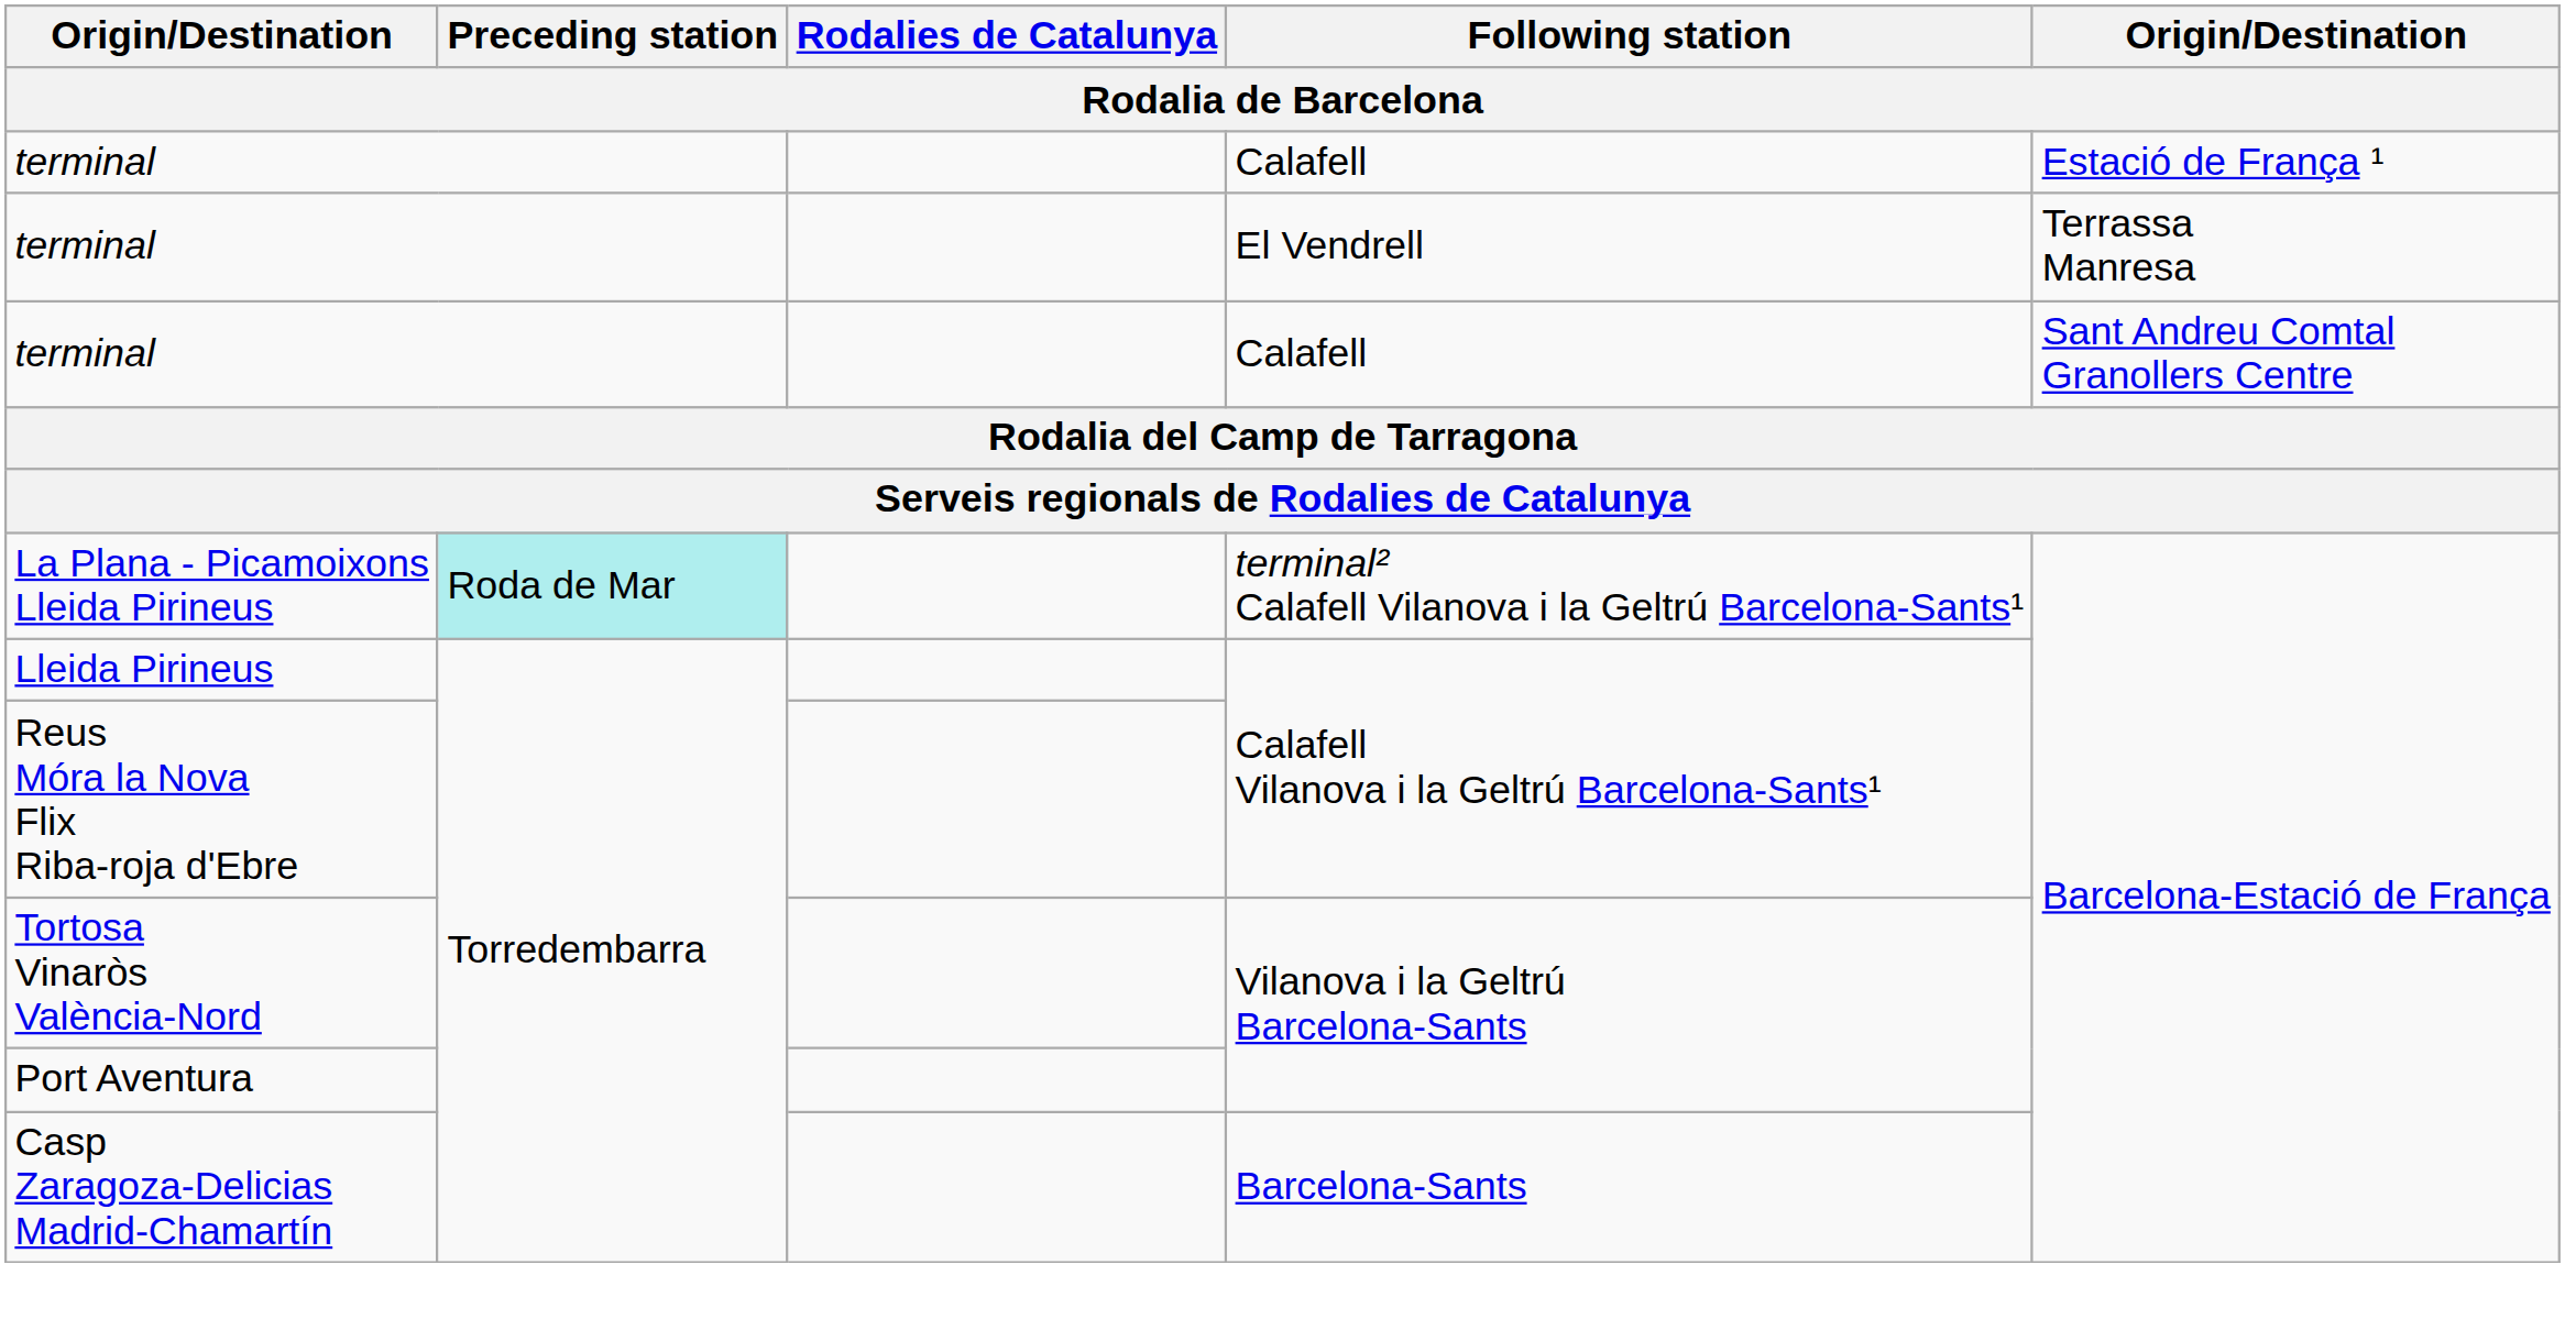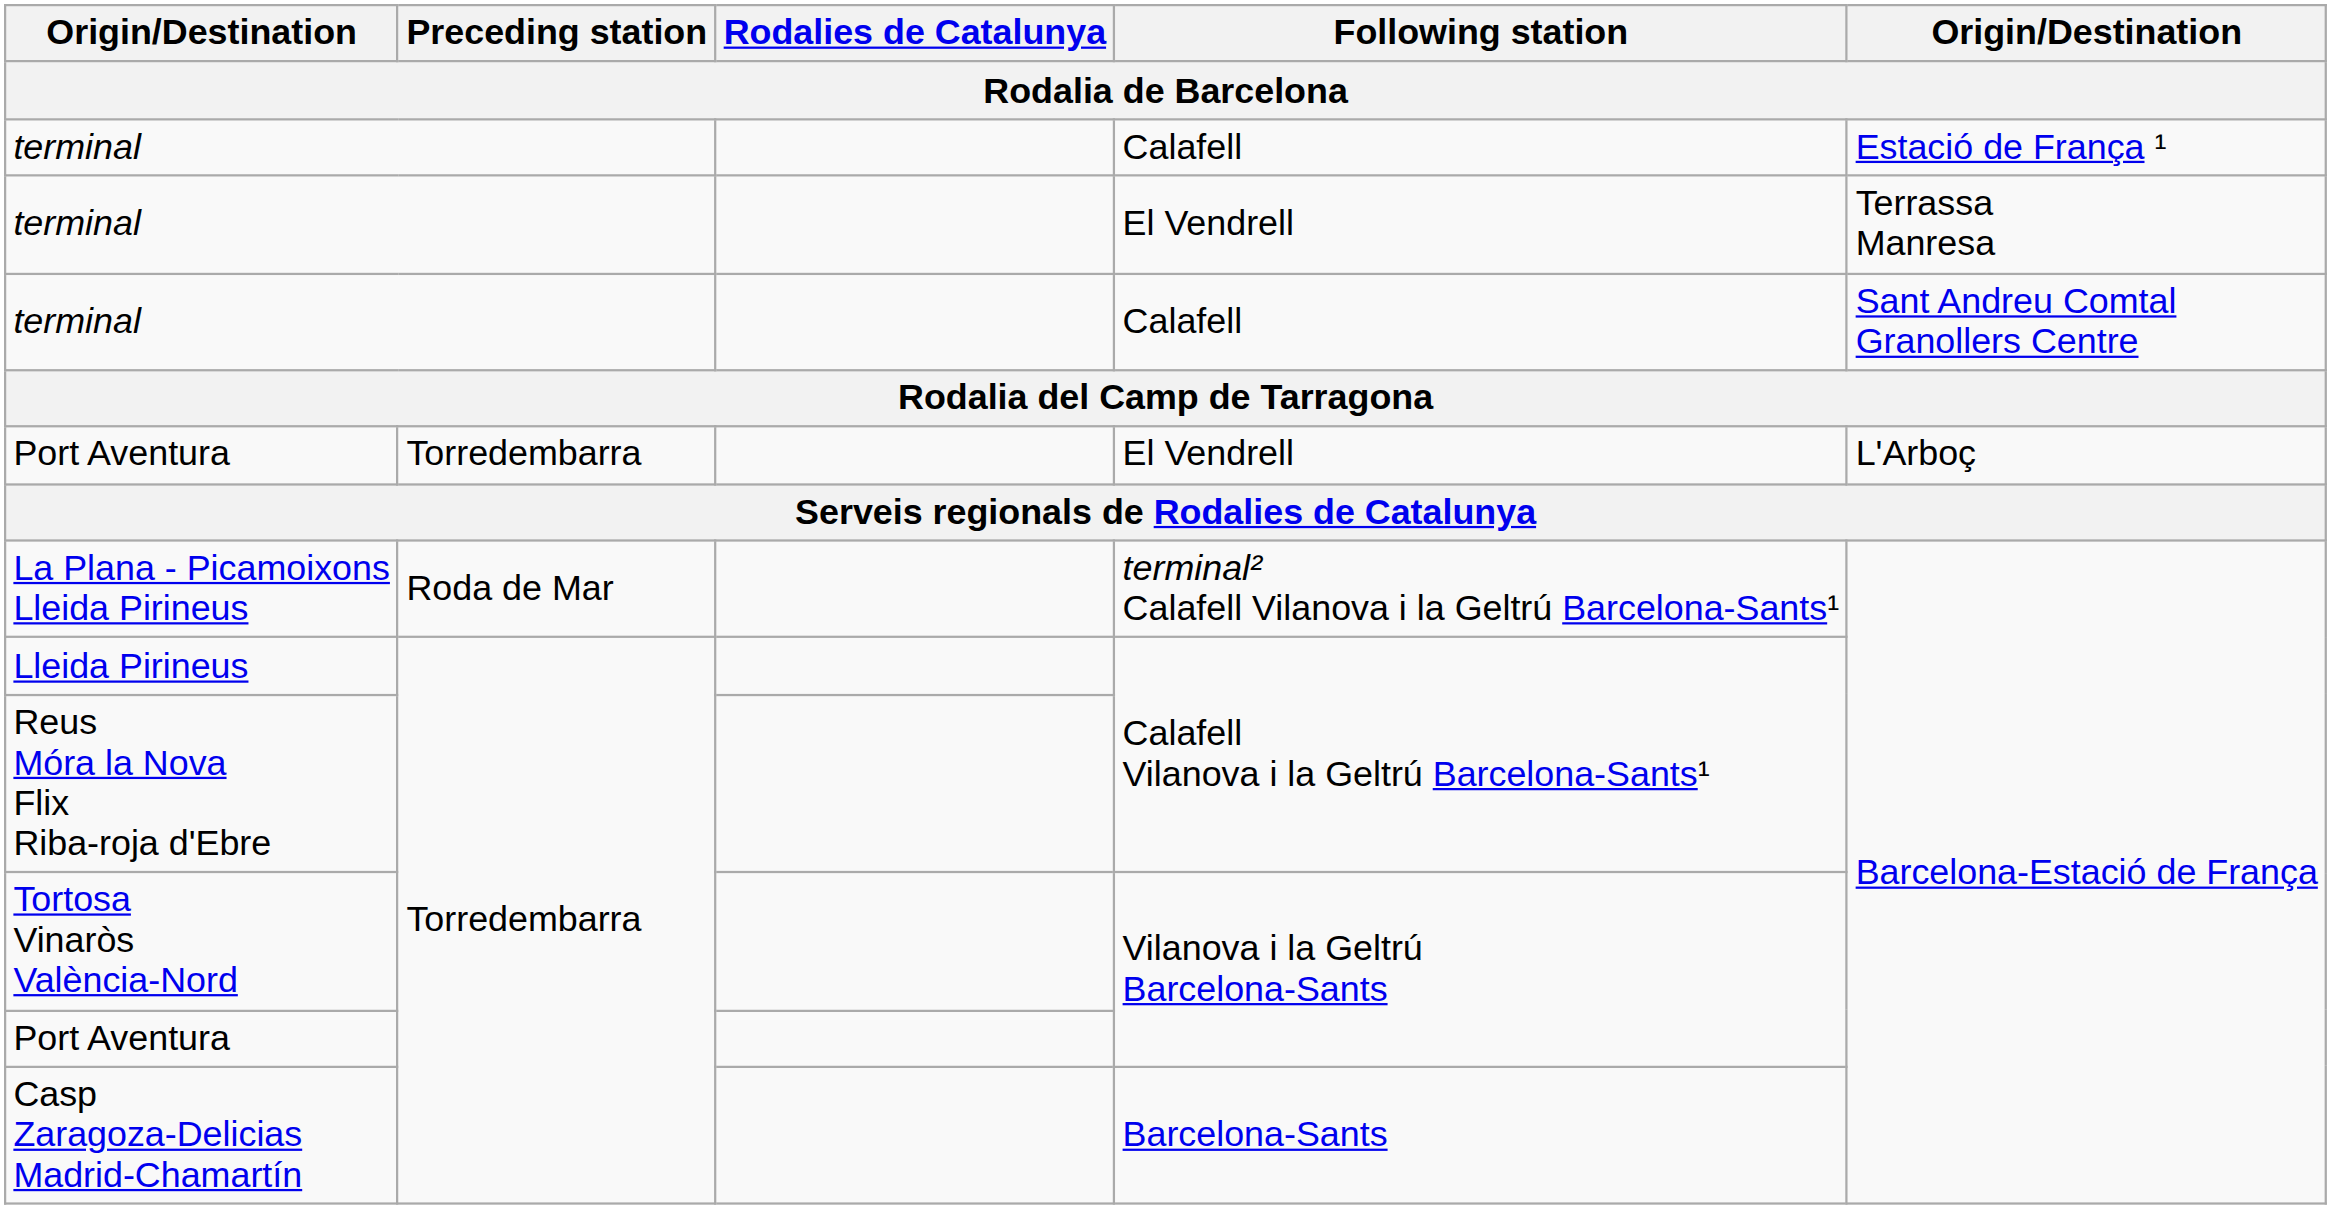 <table class="wikitable">
 <tr>
 <th>Origin/Destination</th>
 <th>Preceding station</th>
 <th><a href='#'>Rodalies de Catalunya</a></th>
 <th>Following station</th>
 <th>Origin/Destination</th>
 </tr>
 <tr>
 <th colspan="5"><strong> Rodalia de Barcelona</strong></th>
 </tr>
 <tr>
 <td colspan="2"><em>terminal</em></td>
 <td></td>
 <td>Calafell</td>
 <td><a href='#'>Estació de França</a> ¹</td>
 </tr>
 <tr>
 <td colspan="2"><em>terminal</em></td>
 <td></td>
 <td>El Vendrell</td>
 <td>Terrassa<br>Manresa</td>
 </tr>
 <tr>
 <td colspan="2"><em>terminal</em></td>
 <td></td>
 <td>Calafell</td>
 <td><a href='#'>Sant Andreu Comtal</a><br><a href='#'>Granollers Centre</a></td>
 </tr>
 <tr>
 <th colspan="5"><strong> Rodalia del Camp de Tarragona</strong></th>
 </tr>
 <tr>
+<td>Port Aventura</td>
+<td>Torredembarra</td>
+<td></td>
+<td>El Vendrell</td>
+<td>L'Arboç</td>
+</tr>
+<tr>
 <th colspan="5"><strong> Serveis regionals de <a href='#'>Rodalies de Catalunya</a></strong></th>
 </tr>
 <tr>
 <td><a href='#'>La Plana - Picamoixons</a><br><a href='#'>Lleida Pirineus</a></td>
-<td style="background: paleturquoise;">Roda de Mar</td>
+<td>Roda de Mar</td>
 <td></td>
 <td><em>terminal²</em><br>Calafell Vilanova i la Geltrú <a href='#'>Barcelona-Sants</a>¹</td>
 <td rowspan="6"><a href='#'>Barcelona-Estació de França</a></td>
 </tr>
 <tr>
 <td><a href='#'>Lleida Pirineus</a></td>
 <td rowspan="5">Torredembarra</td>
 <td></td>
 <td rowspan="2">Calafell<br>Vilanova i la Geltrú <a href='#'>Barcelona-Sants</a>¹</td>
 </tr>
 <tr>
 <td>Reus<br><a href='#'>Móra la Nova</a><br>Flix<br>Riba-roja d'Ebre</td>
 <td></td>
 </tr>
 <tr>
 <td><a href='#'>Tortosa</a><br>Vinaròs<br><a href='#'>València-Nord</a></td>
 <td></td>
 <td rowspan="2">Vilanova i la Geltrú<br><a href='#'>Barcelona-Sants</a></td>
 </tr>
 <tr>
 <td>Port Aventura</td>
 <td></td>
 </tr>
 <tr>
 <td>Casp<br><a href='#'>Zaragoza-Delicias</a><br><a href='#'>Madrid-Chamartín</a></td>
 <td></td>
 <td><a href='#'>Barcelona-Sants</a></td>
 </tr>
 </table>
